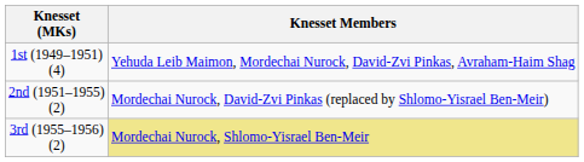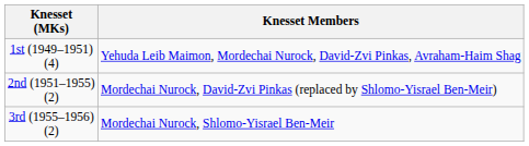 <table class="wikitable" style="text-align:center;">
 <tr>
 <th>Knesset<br>(MKs)</th>
 <th>Knesset Members</th>
 </tr>
 <tr>
 <td><a href='#'>1st</a> (1949–1951)<br>(4)</td>
 <td align=left><a href='#'>Yehuda Leib Maimon</a>, <a href='#'>Mordechai Nurock</a>, <a href='#'>David-Zvi Pinkas</a>, <a href='#'>Avraham-Haim Shag</a></td>
 </tr>
 <tr>
 <td><a href='#'>2nd</a> (1951–1955)<br>(2)</td>
 <td align=left><a href='#'>Mordechai Nurock</a>, <a href='#'>David-Zvi Pinkas</a> (replaced by <a href='#'>Shlomo-Yisrael Ben-Meir</a>)</td>
 </tr>
 <tr>
 <td><a href='#'>3rd</a> (1955–1956)<br>(2)</td>
-<td align=left style="background: khaki;"><a href='#'>Mordechai Nurock</a>, <a href='#'>Shlomo-Yisrael Ben-Meir</a></td>
+<td align=left><a href='#'>Mordechai Nurock</a>, <a href='#'>Shlomo-Yisrael Ben-Meir</a></td>
 </tr>
 </table>
